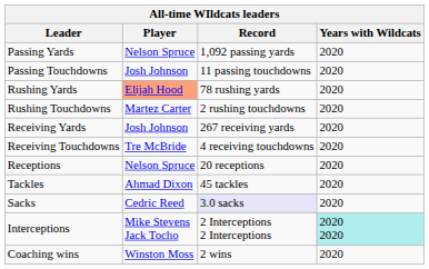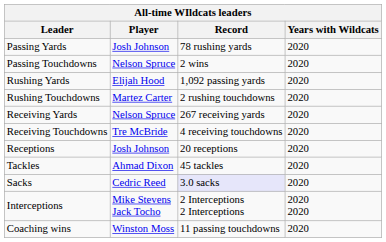 <table class="wikitable">
 <tr>
 <th colspan="5">All-time WIldcats leaders</th>
 </tr>
 <tr>
 <th>Leader</th>
 <th>Player</th>
 <th>Record</th>
 <th>Years with Wildcats</th>
 </tr>
 <tr>
 <td>Passing Yards</td>
-<td><a href='#'>Nelson Spruce</a></td>
-<td>1,092 passing yards</td>
+<td><a href='#'>Josh Johnson</a></td>
+<td>78 rushing yards</td>
 <td>2020</td>
 </tr>
 <tr>
 <td>Passing Touchdowns</td>
-<td><a href='#'>Josh Johnson</a></td>
-<td>11 passing touchdowns</td>
+<td><a href='#'>Nelson Spruce</a></td>
+<td>2 wins</td>
 <td>2020</td>
 </tr>
 <tr>
 <td>Rushing Yards</td>
-<td style="background: lightsalmon;"><a href='#'>Elijah Hood</a></td>
-<td>78 rushing yards</td>
+<td><a href='#'>Elijah Hood</a></td>
+<td>1,092 passing yards</td>
 <td>2020</td>
 </tr>
 <tr>
 <td>Rushing Touchdowns</td>
 <td><a href='#'>Martez Carter</a></td>
 <td>2 rushing touchdowns</td>
 <td>2020</td>
 </tr>
 <tr>
 <td>Receiving Yards</td>
-<td><a href='#'>Josh Johnson</a></td>
+<td><a href='#'>Nelson Spruce</a></td>
 <td>267 receiving yards</td>
 <td>2020</td>
 </tr>
 <tr>
 <td>Receiving Touchdowns</td>
 <td><a href='#'>Tre McBride</a></td>
 <td>4 receiving touchdowns</td>
 <td>2020</td>
 </tr>
 <tr>
 <td>Receptions</td>
-<td><a href='#'>Nelson Spruce</a></td>
+<td><a href='#'>Josh Johnson</a></td>
 <td>20 receptions</td>
 <td>2020</td>
 </tr>
 <tr>
 <td>Tackles</td>
 <td><a href='#'>Ahmad Dixon</a></td>
 <td>45 tackles</td>
 <td>2020</td>
 </tr>
 <tr>
 <td>Sacks</td>
 <td><a href='#'>Cedric Reed</a></td>
 <td style="background: lavender;">3.0 sacks</td>
 <td>2020</td>
 </tr>
 <tr>
 <td>Interceptions</td>
 <td><a href='#'>Mike Stevens</a><br><a href='#'>Jack Tocho</a></td>
 <td>2 Interceptions<br>2 Interceptions</td>
-<td style="background: paleturquoise;">2020<br>2020</td>
+<td>2020<br>2020</td>
 </tr>
 <tr>
 <td>Coaching wins</td>
 <td><a href='#'>Winston Moss</a></td>
-<td>2 wins</td>
+<td>11 passing touchdowns</td>
 <td>2020</td>
 </tr>
 </table>
